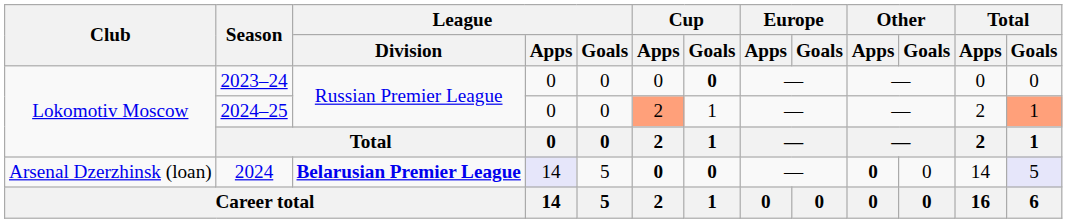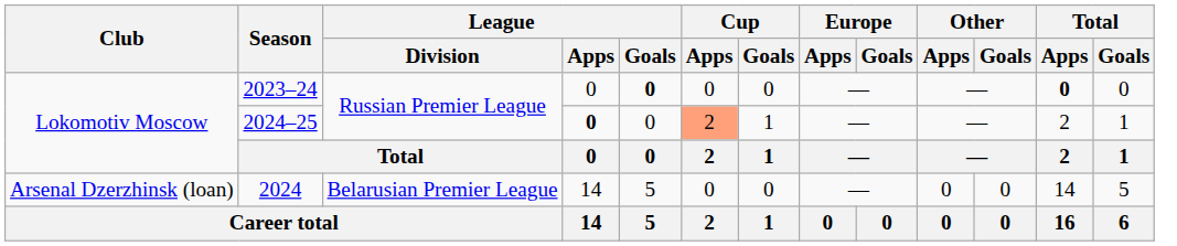 <table class="wikitable" style="text-align:center">
 <tr>
 <th rowspan="2">Club</th>
 <th rowspan="2">Season</th>
 <th colspan="3">League</th>
 <th colspan="2">Cup</th>
 <th colspan="2">Europe</th>
 <th colspan="2">Other</th>
 <th colspan="2">Total</th>
 </tr>
 <tr>
 <th>Division</th>
 <th>Apps</th>
 <th>Goals</th>
 <th>Apps</th>
 <th>Goals</th>
 <th>Apps</th>
 <th>Goals</th>
 <th>Apps</th>
 <th>Goals</th>
 <th>Apps</th>
 <th>Goals</th>
 </tr>
 <tr>
 <td rowspan="3"><a href='#'>Lokomotiv Moscow</a></td>
 <td><a href='#'>2023–24</a></td>
 <td rowspan="2"><a href='#'>Russian Premier League</a></td>
 <td>0</td>
+<td><strong>0</strong></td>
 <td>0</td>
 <td>0</td>
-<td><strong>0</strong></td>
 <td colspan="2">—</td>
 <td colspan="2">—</td>
-<td>0</td>
+<td><strong>0</strong></td>
 <td>0</td>
 </tr>
 <tr>
 <td><a href='#'>2024–25</a></td>
-<td>0</td>
+<td><strong>0</strong></td>
 <td>0</td>
 <td style="background: lightsalmon;">2</td>
 <td>1</td>
 <td colspan="2">—</td>
 <td colspan="2">—</td>
 <td>2</td>
-<td style="background: lightsalmon;">1</td>
+<td>1</td>
 </tr>
 <tr>
 <th colspan="2">Total</th>
 <th>0</th>
 <th>0</th>
 <th>2</th>
 <th>1</th>
 <th colspan="2">—</th>
 <th colspan="2">—</th>
 <th>2</th>
 <th>1</th>
 </tr>
 <tr>
 <td><a href='#'>Arsenal Dzerzhinsk</a> (loan)</td>
 <td><a href='#'>2024</a></td>
-<td><strong><a href='#'>Belarusian Premier League</a></strong></td>
-<td style="background: lavender;">14</td>
+<td><a href='#'>Belarusian Premier League</a></td>
+<td>14</td>
 <td>5</td>
-<td><strong>0</strong></td>
-<td><strong>0</strong></td>
+<td>0</td>
+<td>0</td>
 <td colspan="2">—</td>
-<td><strong>0</strong></td>
+<td>0</td>
 <td>0</td>
 <td>14</td>
-<td style="background: lavender;">5</td>
+<td>5</td>
 </tr>
 <tr>
 <th colspan="3">Career total</th>
 <th>14</th>
 <th>5</th>
 <th>2</th>
 <th>1</th>
 <th>0</th>
 <th>0</th>
 <th>0</th>
 <th>0</th>
 <th>16</th>
 <th>6</th>
 </tr>
 </table>
